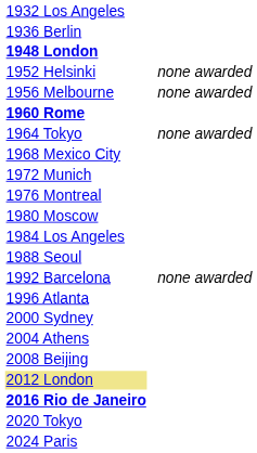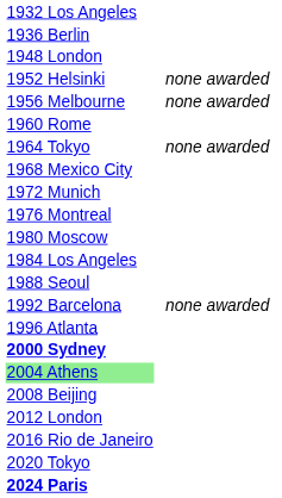 <table>
 <tr>
 <td><a href='#'>1932 Los Angeles</a><br></td>
 <td></td>
 <td></td>
 <td></td>
 </tr>
 <tr valign="top">
 <td rowspan="2"><a href='#'>1936 Berlin</a><br></td>
 <td rowspan="2"></td>
 <td rowspan="2"></td>
 <td></td>
 </tr>
 <tr>
 <td></td>
 </tr>
 <tr>
-<td><strong><a href='#'>1948 London</a><br></strong></td>
+<td><a href='#'>1948 London</a><br></td>
 <td></td>
 <td></td>
 <td></td>
 </tr>
 <tr valign="top">
 <td rowspan="2"><a href='#'>1952 Helsinki</a><br></td>
 <td rowspan="2"></td>
 <td></td>
 <td rowspan="2" align="center"><em>none awarded</em></td>
 </tr>
 <tr>
 <td></td>
 </tr>
 <tr valign="top">
 <td rowspan="3"><a href='#'>1956 Melbourne</a><br></td>
 <td rowspan="3"></td>
 <td></td>
 <td rowspan="3"  align="center"><em>none awarded</em></td>
 </tr>
 <tr>
 <td></td>
 </tr>
 <tr>
 <td></td>
 </tr>
 <tr>
-<td><strong><a href='#'>1960 Rome</a><br></strong></td>
+<td><a href='#'>1960 Rome</a><br></td>
 <td></td>
 <td></td>
 <td></td>
 </tr>
 <tr valign="top">
 <td rowspan="2"><a href='#'>1964 Tokyo</a><br></td>
 <td rowspan="2"></td>
 <td></td>
 <td rowspan="2"  align="center"><em>none awarded</em></td>
 </tr>
 <tr>
 <td></td>
 </tr>
 <tr>
 <td><a href='#'>1968 Mexico City</a><br></td>
 <td></td>
 <td></td>
 <td></td>
 </tr>
 <tr>
 <td><a href='#'>1972 Munich</a><br></td>
 <td></td>
 <td></td>
 <td></td>
 </tr>
 <tr>
 <td><a href='#'>1976 Montreal</a><br></td>
 <td></td>
 <td></td>
 <td></td>
 </tr>
 <tr>
 <td><a href='#'>1980 Moscow</a><br></td>
 <td></td>
 <td></td>
 <td></td>
 </tr>
 <tr valign="top">
 <td rowspan="2"><a href='#'>1984 Los Angeles</a><br></td>
 <td rowspan="2"></td>
 <td rowspan="2"></td>
 <td></td>
 </tr>
 <tr>
 <td></td>
 </tr>
 <tr valign="top">
 <td rowspan="2"><a href='#'>1988 Seoul</a><br></td>
 <td rowspan="2"></td>
 <td rowspan="2"></td>
 <td></td>
 </tr>
 <tr>
 <td></td>
 </tr>
 <tr valign="top">
 <td rowspan="2"><a href='#'>1992 Barcelona</a><br></td>
 <td rowspan="2"></td>
 <td></td>
 <td rowspan="2"  align="center"><em>none awarded</em></td>
 </tr>
 <tr>
 <td></td>
 </tr>
 <tr>
 <td><a href='#'>1996 Atlanta</a><br></td>
 <td></td>
 <td></td>
 <td></td>
 </tr>
 <tr>
-<td><a href='#'>2000 Sydney</a><br></td>
+<td><strong><a href='#'>2000 Sydney</a><br></strong></td>
 <td></td>
 <td></td>
 <td></td>
 </tr>
 <tr>
-<td><a href='#'>2004 Athens</a><br></td>
+<td style="background: lightgreen;"><a href='#'>2004 Athens</a><br></td>
 <td></td>
 <td></td>
 <td></td>
 </tr>
 <tr>
 <td><a href='#'>2008 Beijing</a><br></td>
 <td></td>
 <td></td>
 <td></td>
 </tr>
 <tr>
-<td style="background: khaki;"><a href='#'>2012 London</a><br></td>
+<td><a href='#'>2012 London</a><br></td>
 <td></td>
 <td></td>
 <td></td>
 </tr>
 <tr>
-<td><strong><a href='#'>2016 Rio de Janeiro</a><br></strong></td>
+<td><a href='#'>2016 Rio de Janeiro</a><br></td>
 <td></td>
 <td></td>
 <td></td>
 </tr>
 <tr>
 <td><a href='#'>2020 Tokyo</a><br></td>
 <td></td>
 <td></td>
 <td></td>
 </tr>
 <tr>
-<td><a href='#'>2024 Paris</a><br></td>
+<td><strong><a href='#'>2024 Paris</a><br></strong></td>
 <td></td>
 <td></td>
 <td></td>
 </tr>
 <tr>
 </tr>
 </table>
